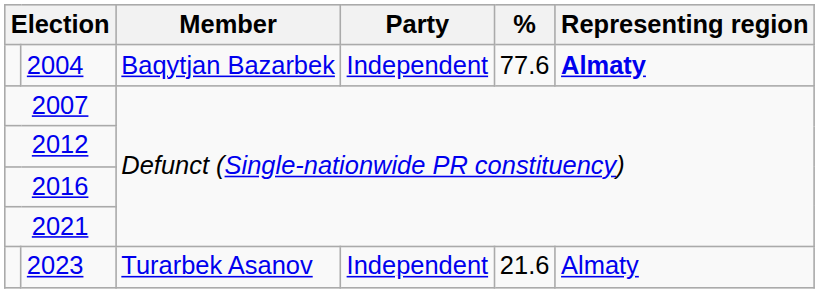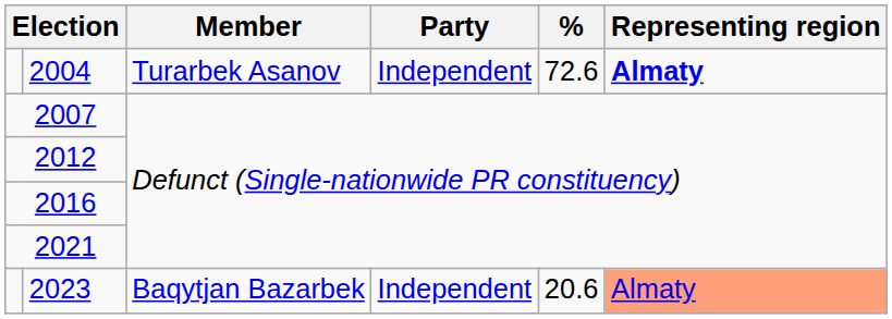 <table class="wikitable">
 <tr>
 <th colspan="2">Election</th>
 <th>Member</th>
 <th>Party</th>
 <th>%</th>
 <th>Representing region</th>
 </tr>
 <tr>
 <td style="background-color: "></td>
 <td><a href='#'>2004</a></td>
-<td><a href='#'>Baqytjan Bazarbek</a></td>
+<td><a href='#'>Turarbek Asanov</a></td>
 <td><a href='#'>Independent</a></td>
-<td align="right">77.6</td>
+<td align="right">72.6</td>
 <td><strong><a href='#'>Almaty</a></strong></td>
 </tr>
 <tr>
 <td colspan="2" align="center"><a href='#'>2007</a></td>
 <td colspan="4" rowspan="4"><em>Defunct (<a href='#'>Single-nationwide PR constituency</a>)</em></td>
 </tr>
 <tr>
 <td colspan="2" align="center"><a href='#'>2012</a></td>
 </tr>
 <tr>
 <td colspan="2" align="center"><a href='#'>2016</a></td>
 </tr>
 <tr>
 <td colspan="2" align="center"><a href='#'>2021</a></td>
 </tr>
 <tr>
 <td style="background-color: "></td>
 <td><a href='#'>2023</a></td>
-<td><a href='#'>Turarbek Asanov</a></td>
+<td><a href='#'>Baqytjan Bazarbek</a></td>
 <td><a href='#'>Independent</a></td>
-<td align="right">21.6</td>
-<td><a href='#'>Almaty</a></td>
+<td align="right">20.6</td>
+<td style="background: lightsalmon;"><a href='#'>Almaty</a></td>
 </tr>
 </table>
